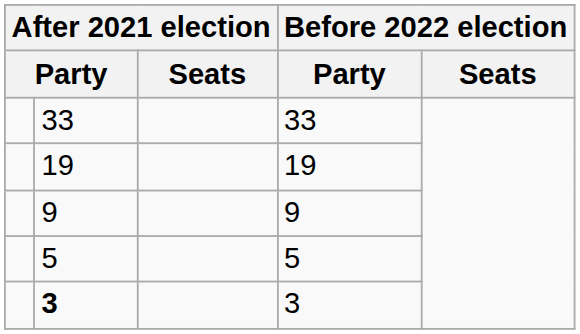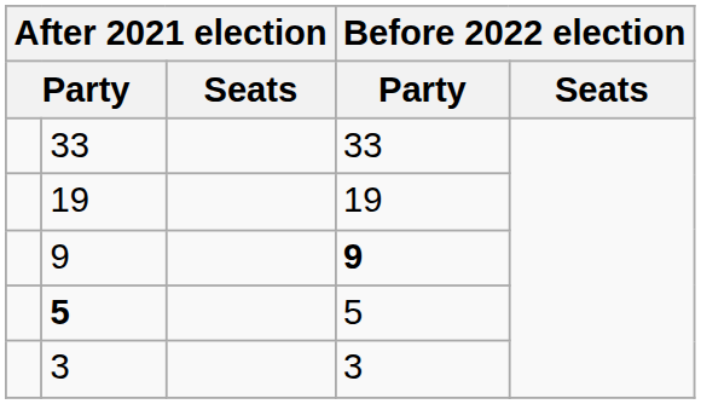 <table class="wikitable">
 <tr>
 <th colspan="3">After 2021 election</th>
 <th colspan="3">Before 2022 election</th>
 </tr>
 <tr>
 <th colspan="2">Party</th>
 <th>Seats</th>
 <th colspan="2">Party</th>
 <th>Seats</th>
 </tr>
 <tr>
 <td></td>
 <td>33</td>
 <td></td>
 <td>33</td>
 </tr>
 <tr>
 <td></td>
 <td>19</td>
 <td></td>
 <td>19</td>
 </tr>
 <tr>
 <td></td>
 <td>9</td>
 <td></td>
-<td>9</td>
+<td><strong>9</strong></td>
 </tr>
 <tr>
 <td></td>
-<td>5</td>
+<td><strong>5</strong></td>
 <td></td>
 <td>5</td>
 </tr>
 <tr>
 <td></td>
-<td><strong>3</strong></td>
+<td>3</td>
 <td></td>
 <td>3</td>
 </tr>
 </table>
